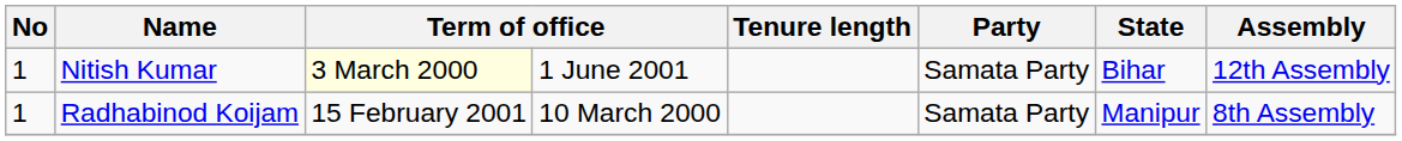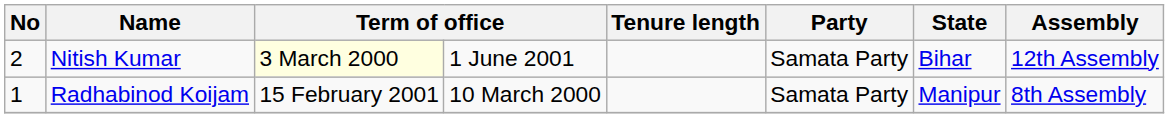 <table class="wikitable">
 <tr>
 <th>No</th>
 <th>Name<br></th>
 <th colspan=2>Term of office</th>
 <th>Tenure length</th>
 <th>Party</th>
 <th>State</th>
 <th>Assembly</th>
 </tr>
 <tr>
-<td>1</td>
+<td>2</td>
 <td><a href='#'>Nitish Kumar</a></td>
 <td style="background: lightyellow;">3 March 2000</td>
 <td>1 June 2001</td>
 <td></td>
 <td style="background-color:">Samata Party</td>
 <td><a href='#'>Bihar</a></td>
 <td><a href='#'>12th Assembly</a></td>
 </tr>
 <tr>
 <td>1</td>
 <td><a href='#'>Radhabinod Koijam</a></td>
 <td>15 February 2001</td>
 <td>10 March 2000</td>
 <td></td>
 <td style="background-color:">Samata Party</td>
 <td><a href='#'>Manipur</a></td>
 <td><a href='#'>8th Assembly</a></td>
 </tr>
 <tr>
 </tr>
 </table>
